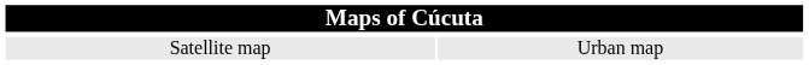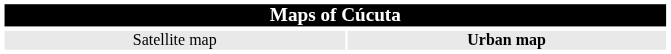 <table class="toc" cellpadding="0" cellspacing="2"  style="width:600px; float:center; margin:0.5em 0.5em 0.5em 1em; padding:0.5e text-align:left; clear:all; margin-left:3px; font-size:90%;">
 <tr>
 <td colspan="4"  style="text-align:center; background:#black; color:white; font-size:120%; background-color:black;"><strong>Maps of Cúcuta</strong></td>
 </tr>
 <tr>
 <td style="text-align:center; background:white;"></td>
 <td style="text-align:center; background:white;"></td>
 </tr>
 <tr style="text-align:center; background:#e9e9e9;">
 <td>Satellite map</td>
-<td>Urban map</td>
+<td><strong>Urban map</strong></td>
 </tr>
 </table>
